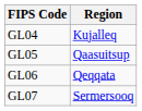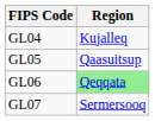 <table class="wikitable">
 <tr>
 <th>FIPS Code</th>
 <th>Region</th>
 </tr>
 <tr>
 <td>GL04</td>
 <td><a href='#'>Kujalleq</a></td>
 </tr>
 <tr>
 <td>GL05</td>
 <td><a href='#'>Qaasuitsup</a></td>
 </tr>
 <tr>
 <td>GL06</td>
-<td><a href='#'>Qeqqata</a></td>
+<td style="background: lightgreen;"><a href='#'>Qeqqata</a></td>
 </tr>
 <tr>
 <td>GL07</td>
 <td><a href='#'>Sermersooq</a></td>
 </tr>
 </table>
